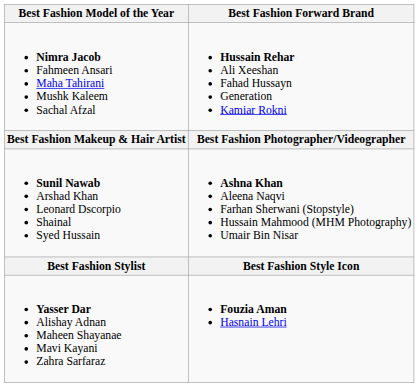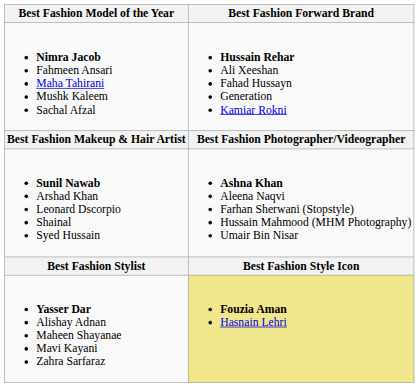 <table class=wikitable style="width=100%">
 <tr>
 <th style="width=50%">Best Fashion Model of the Year</th>
 <th style="width=50%">Best Fashion Forward Brand</th>
 </tr>
 <tr>
 <td valign="top"><br><ul><li><strong>Nimra Jacob</strong></li><li>Fahmeen Ansari</li><li><a href='#'>Maha Tahirani</a></li><li>Mushk Kaleem</li><li>Sachal Afzal</li></ul></td>
 <td valign="top"><br><ul><li><strong>Hussain Rehar</strong></li><li>Ali Xeeshan</li><li>Fahad Hussayn</li><li>Generation</li><li><a href='#'>Kamiar Rokni</a></li></ul></td>
 </tr>
 <tr>
 <th style="width=50%">Best Fashion Makeup & Hair Artist</th>
 <th style="width=50%">Best Fashion Photographer/Videographer</th>
 </tr>
 <tr>
 <td valign="top"><br><ul><li><strong>Sunil Nawab</strong></li><li>Arshad Khan</li><li>Leonard Dscorpio</li><li>Shainal</li><li>Syed Hussain</li></ul></td>
 <td valign="top"><br><ul><li><strong>Ashna Khan</strong></li><li>Aleena Naqvi</li><li>Farhan Sherwani (Stopstyle)</li><li>Hussain Mahmood (MHM Photography)</li><li>Umair Bin Nisar</li></ul></td>
 </tr>
 <tr>
 <th style="width=50%">Best Fashion Stylist</th>
 <th style="width=50%">Best Fashion Style Icon</th>
 </tr>
 <tr>
 <td valign="top"><br><ul><li><strong>Yasser Dar</strong></li><li>Alishay Adnan</li><li>Maheen Shayanae</li><li>Mavi Kayani</li><li>Zahra Sarfaraz</li></ul></td>
-<td valign="top"><br><ul><li><strong>Fouzia Aman</strong></li><li><a href='#'>Hasnain Lehri</a></li></ul></td>
+<td valign="top" style="background: khaki;"><br><ul><li><strong>Fouzia Aman</strong></li><li><a href='#'>Hasnain Lehri</a></li></ul></td>
 </tr>
 </table>
